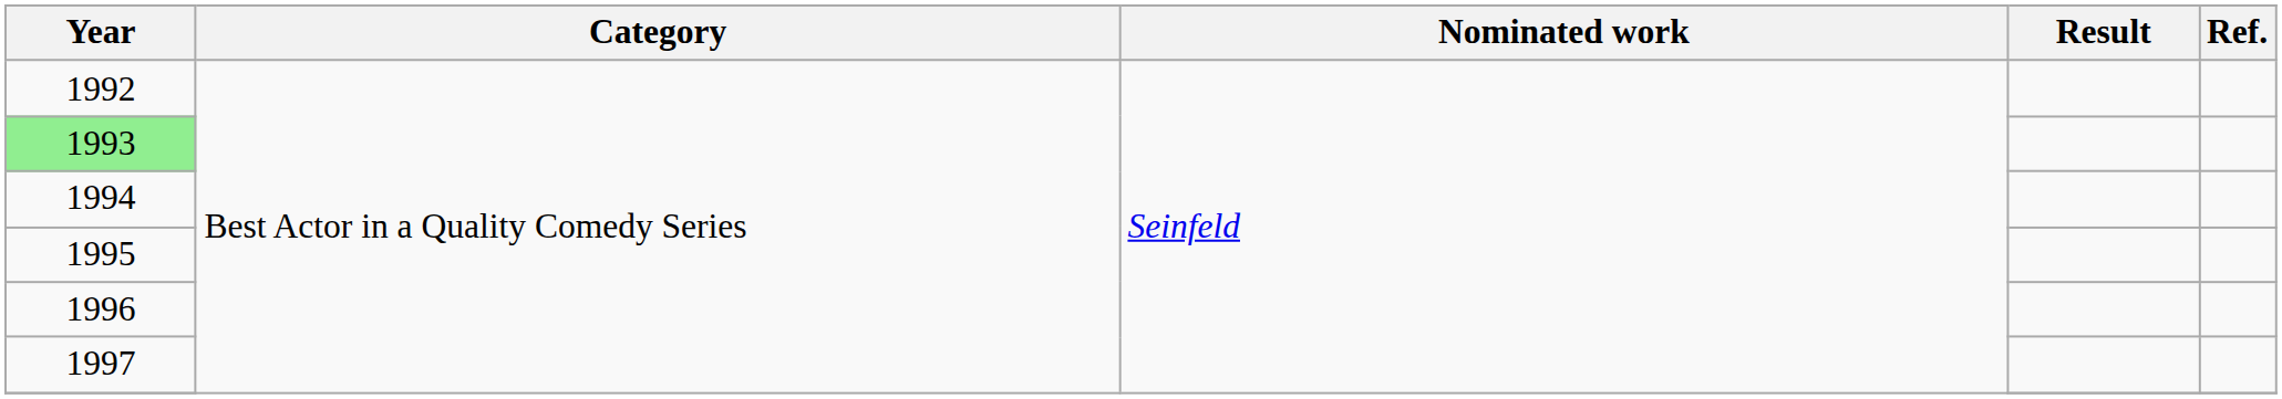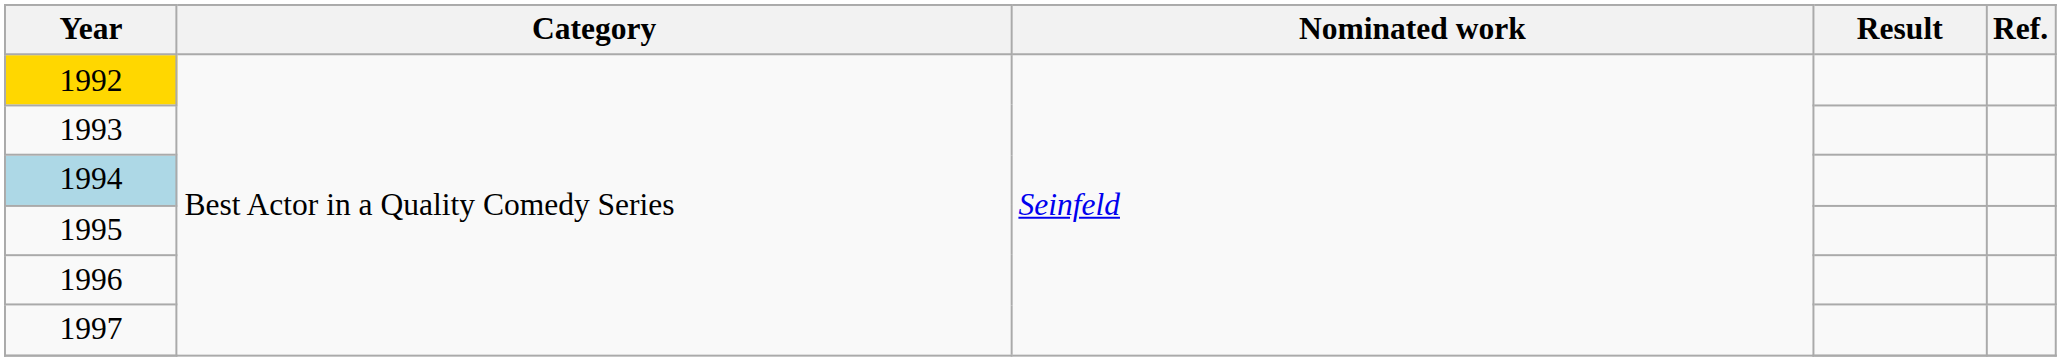 <table class=wikitable>
 <tr>
 <th scope="col" style="width:5em;">Year</th>
 <th scope="col" style="width:26em;">Category</th>
 <th scope="col" style="width:25em;">Nominated work</th>
 <th scope="col" style="width:5em;">Result</th>
 <th>Ref.</th>
 </tr>
 <tr>
-<td style="text-align:center;">1992</td>
+<td style="background: gold; text-align:center;">1992</td>
 <td rowspan=7>Best Actor in a Quality Comedy Series</td>
 <td rowspan=7><em><a href='#'>Seinfeld</a></em></td>
 <td></td>
 <td></td>
 </tr>
 <tr>
-<td style="background: lightgreen; text-align:center;">1993</td>
+<td style="text-align:center;">1993</td>
 <td></td>
 <td></td>
 </tr>
 <tr>
-<td style="text-align:center;">1994</td>
+<td style="background: lightblue; text-align:center;">1994</td>
 <td></td>
 <td></td>
 </tr>
 <tr>
 <td style="text-align:center;">1995</td>
 <td></td>
 <td></td>
 </tr>
 <tr>
 <td style="text-align:center;">1996</td>
 <td></td>
 <td></td>
 </tr>
 <tr>
 <td style="text-align:center;">1997</td>
 <td></td>
 <td></td>
 </tr>
 <tr>
 </tr>
 </table>
